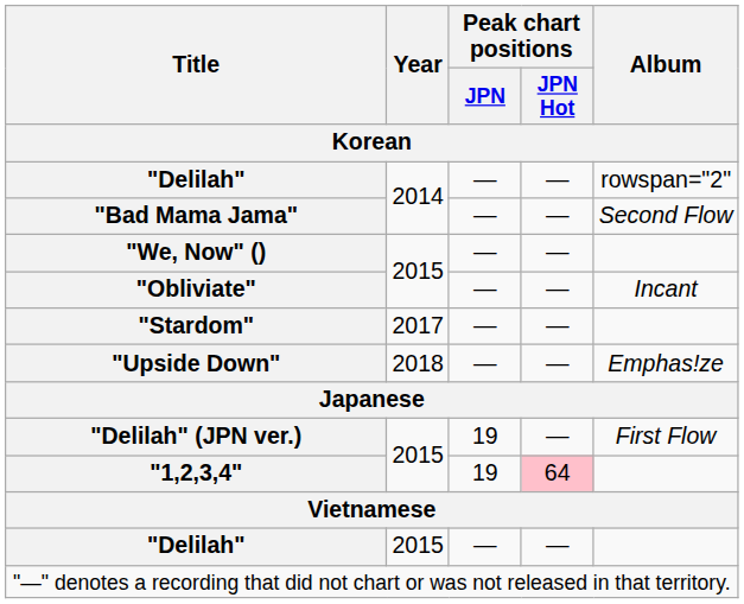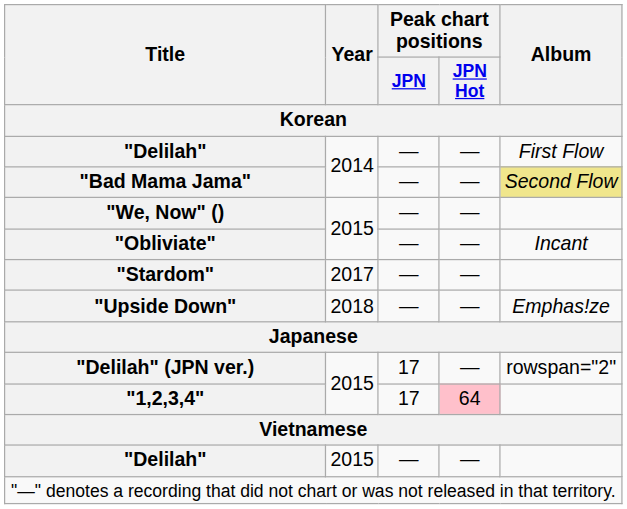 <table class="wikitable plainrowheaders" style="text-align:center;" border="1">
 <tr>
 <th scope="col" rowspan="2" style="width:16em;">Title</th>
 <th scope="col" rowspan="2">Year</th>
 <th scope="col" colspan="2">Peak chart positions</th>
 <th scope="col" rowspan="2">Album</th>
 </tr>
 <tr>
 <th scope="col" style="width:3em;font-size:90%;"><a href='#'>JPN</a><br></th>
 <th scope="col" style="width:3em;font-size:90%;"><a href='#'>JPN Hot</a><br></th>
 </tr>
 <tr>
 <th colspan="7">Korean</th>
 </tr>
 <tr>
 <th scope="row">"Delilah"</th>
 <td rowspan="2">2014</td>
 <td>—</td>
 <td>—</td>
-<td>rowspan="2" </td>
+<td><em>First Flow</em></td>
 </tr>
 <tr>
 <th scope="row">"Bad Mama Jama"</th>
 <td>—</td>
 <td>—</td>
-<td><em>Second Flow</em></td>
+<td style="background: khaki;"><em>Second Flow</em></td>
 </tr>
 <tr>
 <th scope="row">"We, Now" ()</th>
 <td rowspan="2">2015</td>
 <td>—</td>
 <td>—</td>
 <td></td>
 </tr>
 <tr>
 <th scope="row">"Obliviate"</th>
 <td>—</td>
 <td>—</td>
 <td><em>Incant</em></td>
 </tr>
 <tr>
 <th scope="row">"Stardom"</th>
 <td>2017</td>
 <td>—</td>
 <td>—</td>
 <td></td>
 </tr>
 <tr>
 <th scope="row">"Upside Down"</th>
 <td>2018</td>
 <td>—</td>
 <td>—</td>
 <td><em>Emphas!ze</em></td>
 </tr>
 <tr>
 <th colspan="7">Japanese</th>
 </tr>
 <tr>
 <th scope="row">"Delilah" (JPN ver.)</th>
 <td rowspan="2">2015</td>
-<td>19</td>
+<td>17</td>
 <td>—</td>
-<td><em>First Flow</em></td>
+<td>rowspan="2" </td>
 </tr>
 <tr>
 <th scope="row">"1,2,3,4"</th>
-<td>19</td>
+<td>17</td>
 <td style="background: pink;">64</td>
 </tr>
 <tr>
 <th colspan="7">Vietnamese</th>
 </tr>
 <tr>
 <th scope="row">"Delilah"</th>
 <td>2015</td>
 <td>—</td>
 <td>—</td>
 <td></td>
 </tr>
 <tr>
 <td colspan="6" style="font-size:90%">"—" denotes a recording that did not chart or was not released in that territory.</td>
 </tr>
 </table>
